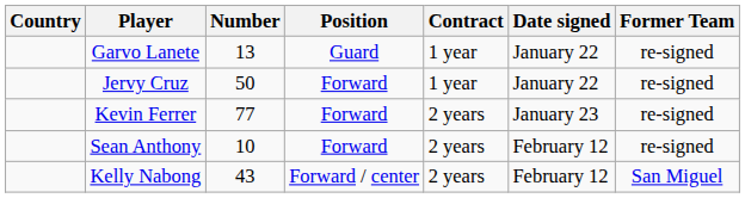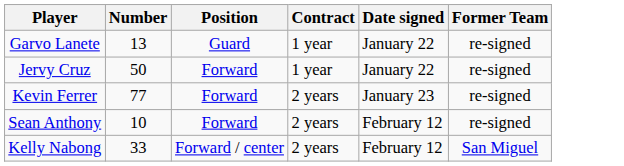 <table class="wikitable sortable sortable">
 <tr>
-<th>Country</th>
 <th>Player</th>
 <th>Number</th>
 <th>Position</th>
 <th>Contract</th>
 <th>Date signed</th>
 <th>Former Team</th>
 </tr>
 <tr>
-<td align=center></td>
 <td align=center><a href='#'>Garvo Lanete</a></td>
 <td align=center>13</td>
 <td align=center><a href='#'>Guard</a></td>
 <td>1 year</td>
 <td>January 22</td>
 <td align=center>re-signed</td>
 </tr>
 <tr>
-<td align=center></td>
 <td align=center><a href='#'>Jervy Cruz</a></td>
 <td align=center>50</td>
 <td align=center><a href='#'>Forward</a></td>
 <td>1 year</td>
 <td>January 22</td>
 <td align=center>re-signed</td>
 </tr>
 <tr>
-<td align=center></td>
 <td align=center><a href='#'>Kevin Ferrer</a></td>
 <td align=center>77</td>
 <td align=center><a href='#'>Forward</a></td>
 <td>2 years</td>
 <td>January 23</td>
 <td align=center>re-signed</td>
 </tr>
 <tr>
-<td align=center></td>
 <td align=center><a href='#'>Sean Anthony</a></td>
 <td align=center>10</td>
 <td align=center><a href='#'>Forward</a></td>
 <td>2 years</td>
 <td>February 12</td>
 <td align=center>re-signed</td>
 </tr>
 <tr>
-<td align=center></td>
 <td align=center><a href='#'>Kelly Nabong</a></td>
-<td align=center>43</td>
+<td align=center>33</td>
 <td align=center><a href='#'>Forward</a> / <a href='#'>center</a></td>
 <td>2 years</td>
 <td>February 12</td>
 <td align=center><a href='#'>San Miguel</a></td>
 </tr>
 </table>
